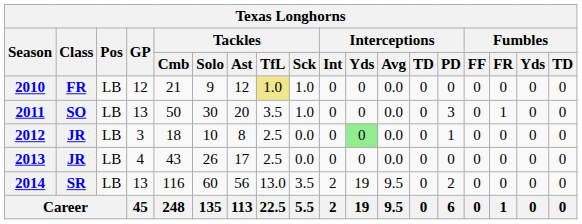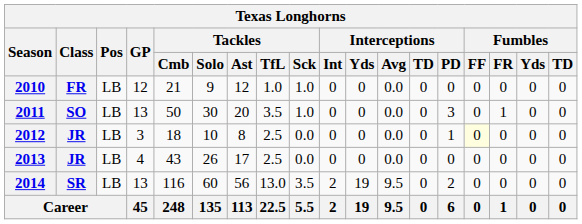 <table class="wikitable" style="text-align:center;">
 <tr>
 <th colspan="18">Texas Longhorns</th>
 </tr>
 <tr>
 <th rowspan="2">Season</th>
 <th rowspan="2">Class</th>
 <th rowspan="2">Pos</th>
 <th rowspan="2">GP</th>
 <th colspan="5">Tackles</th>
 <th colspan="5">Interceptions</th>
 <th colspan="4">Fumbles</th>
 </tr>
 <tr>
 <th>Cmb</th>
 <th>Solo</th>
 <th>Ast</th>
 <th>TfL</th>
 <th>Sck</th>
 <th>Int</th>
 <th>Yds</th>
 <th>Avg</th>
 <th>TD</th>
 <th>PD</th>
 <th>FF</th>
 <th>FR</th>
 <th>Yds</th>
 <th>TD</th>
 </tr>
 <tr>
 <th><a href='#'>2010</a></th>
 <th><a href='#'>FR</a></th>
 <td>LB</td>
 <td>12</td>
 <td>21</td>
 <td>9</td>
 <td>12</td>
-<td style="background: khaki;">1.0</td>
+<td>1.0</td>
 <td>1.0</td>
 <td>0</td>
 <td>0</td>
 <td>0.0</td>
 <td>0</td>
 <td>0</td>
 <td>0</td>
 <td>0</td>
 <td>0</td>
 <td>0</td>
 </tr>
 <tr>
 <th><a href='#'>2011</a></th>
 <th><a href='#'>SO</a></th>
 <td>LB</td>
 <td>13</td>
 <td>50</td>
 <td>30</td>
 <td>20</td>
 <td>3.5</td>
 <td>1.0</td>
 <td>0</td>
 <td>0</td>
 <td>0.0</td>
 <td>0</td>
 <td>3</td>
 <td>0</td>
 <td>1</td>
 <td>0</td>
 <td>0</td>
 </tr>
 <tr>
 <th><a href='#'>2012</a></th>
 <th><a href='#'>JR</a></th>
 <td>LB</td>
 <td>3</td>
 <td>18</td>
 <td>10</td>
 <td>8</td>
 <td>2.5</td>
 <td>0.0</td>
 <td>0</td>
-<td style="background: lightgreen;">0</td>
+<td>0</td>
 <td>0.0</td>
 <td>0</td>
 <td>1</td>
-<td>0</td>
+<td style="background: lightyellow;">0</td>
 <td>0</td>
 <td>0</td>
 <td>0</td>
 </tr>
 <tr>
 <th><a href='#'>2013</a></th>
 <th> <a href='#'>JR</a></th>
 <td>LB</td>
 <td>4</td>
 <td>43</td>
 <td>26</td>
 <td>17</td>
 <td>2.5</td>
 <td>0.0</td>
 <td>0</td>
 <td>0</td>
 <td>0.0</td>
 <td>0</td>
 <td>0</td>
 <td>0</td>
 <td>0</td>
 <td>0</td>
 <td>0</td>
 </tr>
 <tr>
 <th><a href='#'>2014</a></th>
 <th> <a href='#'>SR</a></th>
 <td>LB</td>
 <td>13</td>
 <td>116</td>
 <td>60</td>
 <td>56</td>
 <td>13.0</td>
 <td>3.5</td>
 <td>2</td>
 <td>19</td>
 <td>9.5</td>
 <td>0</td>
 <td>2</td>
 <td>0</td>
 <td>0</td>
 <td>0</td>
 <td>0</td>
 </tr>
 <tr>
 <th colspan="3">Career</th>
 <th>45</th>
 <th>248</th>
 <th>135</th>
 <th>113</th>
 <th>22.5</th>
 <th>5.5</th>
 <th>2</th>
 <th>19</th>
 <th>9.5</th>
 <th>0</th>
 <th>6</th>
 <th>0</th>
 <th>1</th>
 <th>0</th>
 <th>0</th>
 </tr>
 </table>
